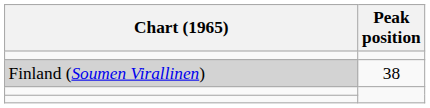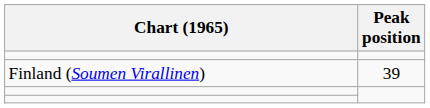 <table class="wikitable sortable">
 <tr>
 <th style="width:20em;">Chart (1965)</th>
 <th>Peak<br>position</th>
 </tr>
 <tr>
 <td></td>
 </tr>
 <tr>
-<td align="left" style="background: lightgrey;">Finland (<a href='#'><em>Soumen Virallinen</em></a>)</td>
-<td style="text-align:center;">38</td>
+<td align="left">Finland (<a href='#'><em>Soumen Virallinen</em></a>)</td>
+<td style="text-align:center;">39</td>
 </tr>
 <tr>
 <td></td>
 </tr>
 <tr>
 <td></td>
 </tr>
 </table>
